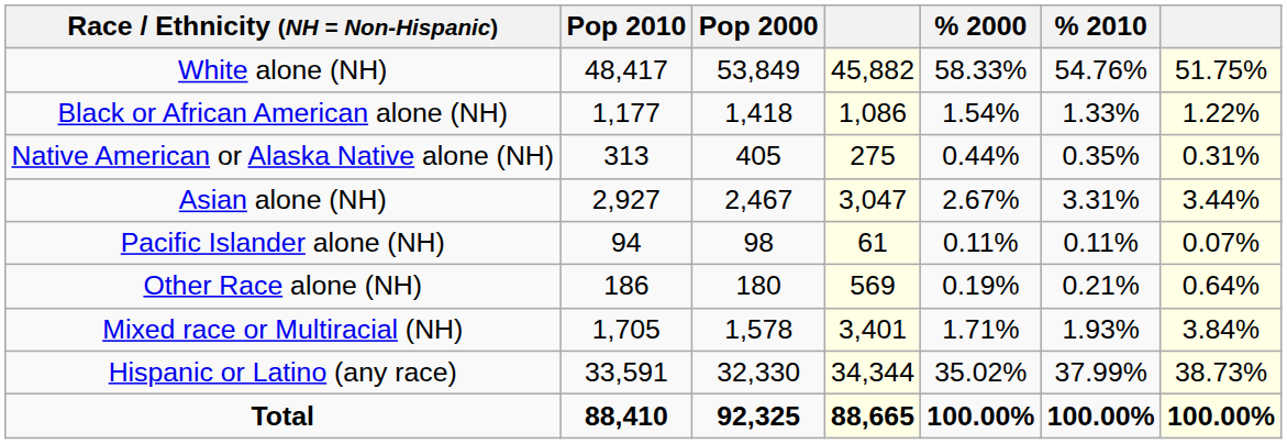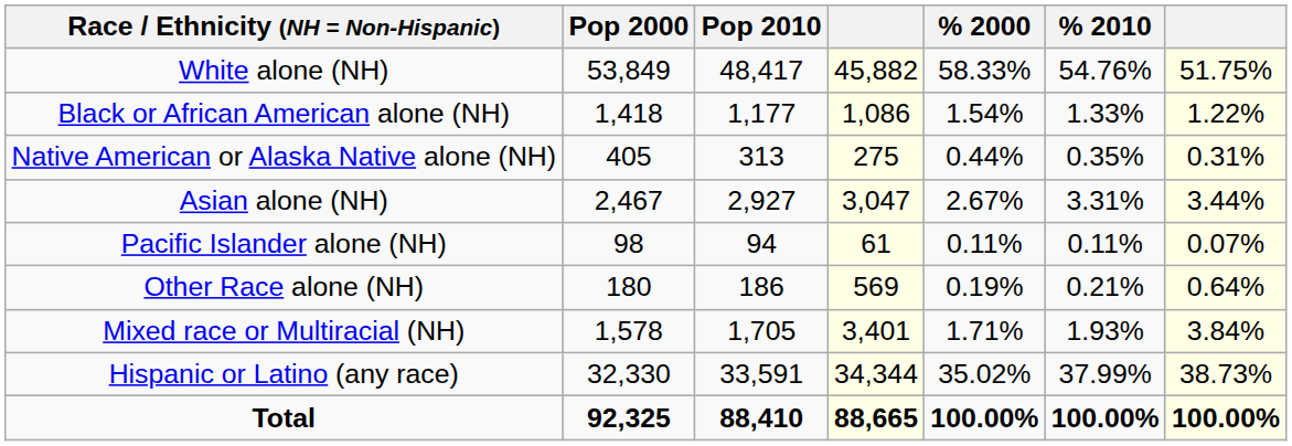 <table class="wikitable" style="text-align:center;">
 <tr>
 <th>Race / Ethnicity <small>(<em>NH = Non-Hispanic</em>)</small></th>
+<th>Pop 2000</th>
 <th>Pop 2010</th>
-<th>Pop 2000</th>
 <th></th>
 <th>% 2000</th>
 <th>% 2010</th>
 <th></th>
 </tr>
 <tr>
 <td><a href='#'>White</a> alone (NH)</td>
+<td>53,849</td>
 <td>48,417</td>
-<td>53,849</td>
 <td style='background: #ffffe6;'>45,882</td>
 <td>58.33%</td>
 <td>54.76%</td>
 <td style='background: #ffffe6;'>51.75%</td>
 </tr>
 <tr>
 <td><a href='#'>Black or African American</a> alone (NH)</td>
+<td>1,418</td>
 <td>1,177</td>
-<td>1,418</td>
 <td style='background: #ffffe6;'>1,086</td>
 <td>1.54%</td>
 <td>1.33%</td>
 <td style='background: #ffffe6;'>1.22%</td>
 </tr>
 <tr>
 <td><a href='#'>Native American</a> or <a href='#'>Alaska Native</a> alone (NH)</td>
+<td>405</td>
 <td>313</td>
-<td>405</td>
 <td style='background: #ffffe6;'>275</td>
 <td>0.44%</td>
 <td>0.35%</td>
 <td style='background: #ffffe6;'>0.31%</td>
 </tr>
 <tr>
 <td><a href='#'>Asian</a> alone (NH)</td>
+<td>2,467</td>
 <td>2,927</td>
-<td>2,467</td>
 <td style='background: #ffffe6;'>3,047</td>
 <td>2.67%</td>
 <td>3.31%</td>
 <td style='background: #ffffe6;'>3.44%</td>
 </tr>
 <tr>
 <td><a href='#'>Pacific Islander</a> alone (NH)</td>
+<td>98</td>
 <td>94</td>
-<td>98</td>
 <td style='background: #ffffe6;'>61</td>
 <td>0.11%</td>
 <td>0.11%</td>
 <td style='background: #ffffe6;'>0.07%</td>
 </tr>
 <tr>
 <td><a href='#'>Other Race</a> alone (NH)</td>
+<td>180</td>
 <td>186</td>
-<td>180</td>
 <td style='background: #ffffe6;'>569</td>
 <td>0.19%</td>
 <td>0.21%</td>
 <td style='background: #ffffe6;'>0.64%</td>
 </tr>
 <tr>
 <td><a href='#'>Mixed race or Multiracial</a> (NH)</td>
+<td>1,578</td>
 <td>1,705</td>
-<td>1,578</td>
 <td style='background: #ffffe6;'>3,401</td>
 <td>1.71%</td>
 <td>1.93%</td>
 <td style='background: #ffffe6;'>3.84%</td>
 </tr>
 <tr>
 <td><a href='#'>Hispanic or Latino</a> (any race)</td>
+<td>32,330</td>
 <td>33,591</td>
-<td>32,330</td>
 <td style='background: #ffffe6;'>34,344</td>
 <td>35.02%</td>
 <td>37.99%</td>
 <td style='background: #ffffe6;'>38.73%</td>
 </tr>
 <tr>
 <td><strong>Total</strong></td>
+<td><strong>92,325</strong></td>
 <td><strong>88,410</strong></td>
-<td><strong>92,325</strong></td>
 <td style='background: #ffffe6;'><strong>88,665</strong></td>
 <td><strong>100.00%</strong></td>
 <td><strong>100.00%</strong></td>
 <td style='background: #ffffe6;'><strong>100.00%</strong></td>
 </tr>
 </table>
